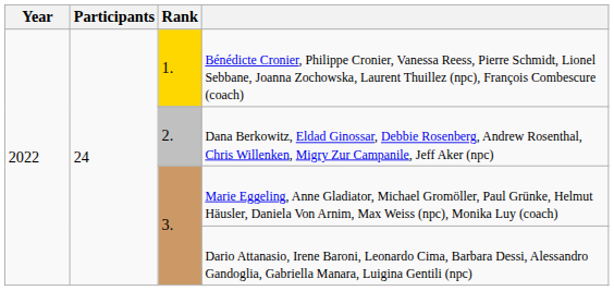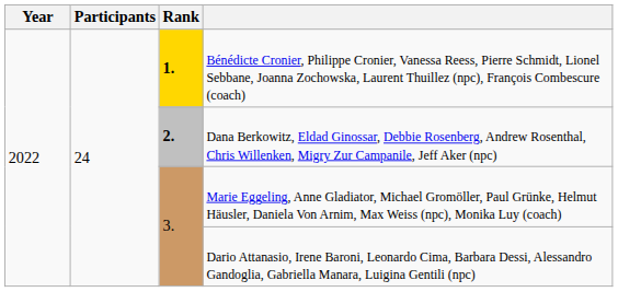 <table class="wikitable" style="width:100%;">
 <tr>
 <th>Year</th>
 <th>Participants</th>
 <th>Rank</th>
 <th></th>
 </tr>
 <tr>
 <td width=60 rowspan=4>2022  </td>
 <td rowspan=4>24</td>
-<td style="background:gold; width:30px;">1.</td>
+<td style="background:gold; width:30px;"><strong>1.</strong></td>
 <td> <br><small><a href='#'>Bénédicte Cronier</a>, Philippe Cronier, Vanessa Reess, Pierre Schmidt, Lionel Sebbane, Joanna Zochowska, Laurent Thuillez (npc), François Combescure (coach)</small></td>
 </tr>
 <tr>
-<td style="background:silver;">2.</td>
+<td style="background:silver;"><strong>2.</strong></td>
 <td> <br><small>Dana Berkowitz, <a href='#'>Eldad Ginossar</a>, <a href='#'>Debbie Rosenberg</a>, Andrew Rosenthal, <a href='#'>Chris Willenken</a>, <a href='#'>Migry Zur Campanile</a>, Jeff Aker (npc)</small></td>
 </tr>
 <tr>
 <td rowspan=2 style="background:#c96;">3.</td>
 <td> <br><small><a href='#'>Marie Eggeling</a>, Anne Gladiator, Michael Gromöller, Paul Grünke, Helmut Häusler, Daniela Von Arnim, Max Weiss (npc), Monika Luy (coach)</small></td>
 </tr>
 <tr>
 <td> <br><small>Dario Attanasio, Irene Baroni, Leonardo Cima, Barbara Dessi, Alessandro Gandoglia, Gabriella Manara, Luigina Gentili (npc)</small></td>
 </tr>
 </table>
